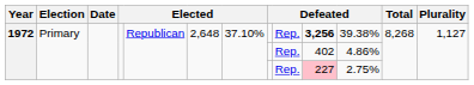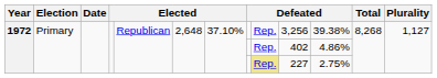 <table class="wikitable">
 <tr>
 <th>Year</th>
 <th>Election</th>
 <th>Date</th>
 <th colspan="4">Elected</th>
 <th colspan="4">Defeated</th>
 <th>Total</th>
 <th>Plurality</th>
 </tr>
 <tr>
 <th rowspan="3" valign="top">1972</th>
 <td rowspan="3" valign="top">Primary</td>
 <td rowspan="3" valign="top"></td>
 <td rowspan="3" valign="top"></td>
 <td rowspan="3" valign="top" ><a href='#'>Republican</a></td>
 <td rowspan="3" valign="top" align="right">2,648</td>
 <td rowspan="3" valign="top" align="right">37.10%</td>
 <td valign="top"></td>
 <td valign="top" ><a href='#'>Rep.</a></td>
-<td valign="top" align="right"><strong>3,256</strong></td>
+<td valign="top" align="right">3,256</td>
 <td valign="top" align="right">39.38%</td>
 <td rowspan="3" valign="top" align="right">8,268</td>
 <td rowspan="3" valign="top" align="right">1,127</td>
 </tr>
 <tr>
 <td valign="top"></td>
 <td valign="top" ><a href='#'>Rep.</a></td>
 <td valign="top" align="right">402</td>
 <td valign="top" align="right">4.86%</td>
 </tr>
 <tr>
 <td valign="top"></td>
-<td valign="top" ><a href='#'>Rep.</a></td>
-<td valign="top" align="right" style="background: pink;">227</td>
+<td valign="top"  style="background: khaki;"><a href='#'>Rep.</a></td>
+<td valign="top" align="right">227</td>
 <td valign="top" align="right">2.75%</td>
 </tr>
 </table>
